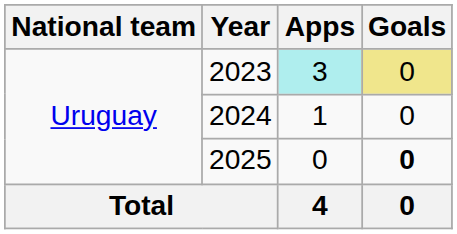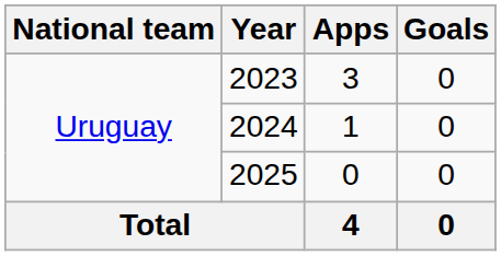 <table class="wikitable" style="text-align:center">
 <tr>
 <th>National team</th>
 <th>Year</th>
 <th>Apps</th>
 <th>Goals</th>
 </tr>
 <tr>
 <td rowspan=3><a href='#'>Uruguay</a></td>
 <td>2023</td>
-<td style="background: paleturquoise;">3</td>
-<td style="background: khaki;">0</td>
+<td>3</td>
+<td>0</td>
 </tr>
 <tr>
 <td>2024</td>
 <td>1</td>
 <td>0</td>
 </tr>
 <tr>
 <td>2025</td>
 <td>0</td>
-<td><strong>0</strong></td>
+<td>0</td>
 </tr>
 <tr>
 <th colspan=2>Total</th>
 <th>4</th>
 <th>0</th>
 </tr>
 </table>
